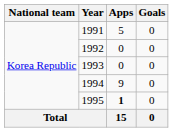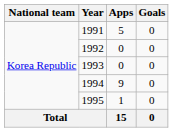 <table class="wikitable" style="text-align:center">
 <tr>
 <th>National team</th>
 <th>Year</th>
 <th>Apps</th>
 <th>Goals</th>
 </tr>
 <tr>
 <td rowspan="5"><a href='#'>Korea Republic</a></td>
 <td>1991</td>
 <td>5</td>
 <td>0</td>
 </tr>
 <tr>
 <td>1992</td>
 <td>0</td>
 <td>0</td>
 </tr>
 <tr>
 <td>1993</td>
 <td>0</td>
 <td>0</td>
 </tr>
 <tr>
 <td>1994</td>
 <td>9</td>
 <td>0</td>
 </tr>
 <tr>
 <td>1995</td>
-<td><strong>1</strong></td>
+<td>1</td>
 <td>0</td>
 </tr>
 <tr>
 <th colspan="2">Total</th>
 <th>15</th>
 <th>0</th>
 </tr>
 </table>
